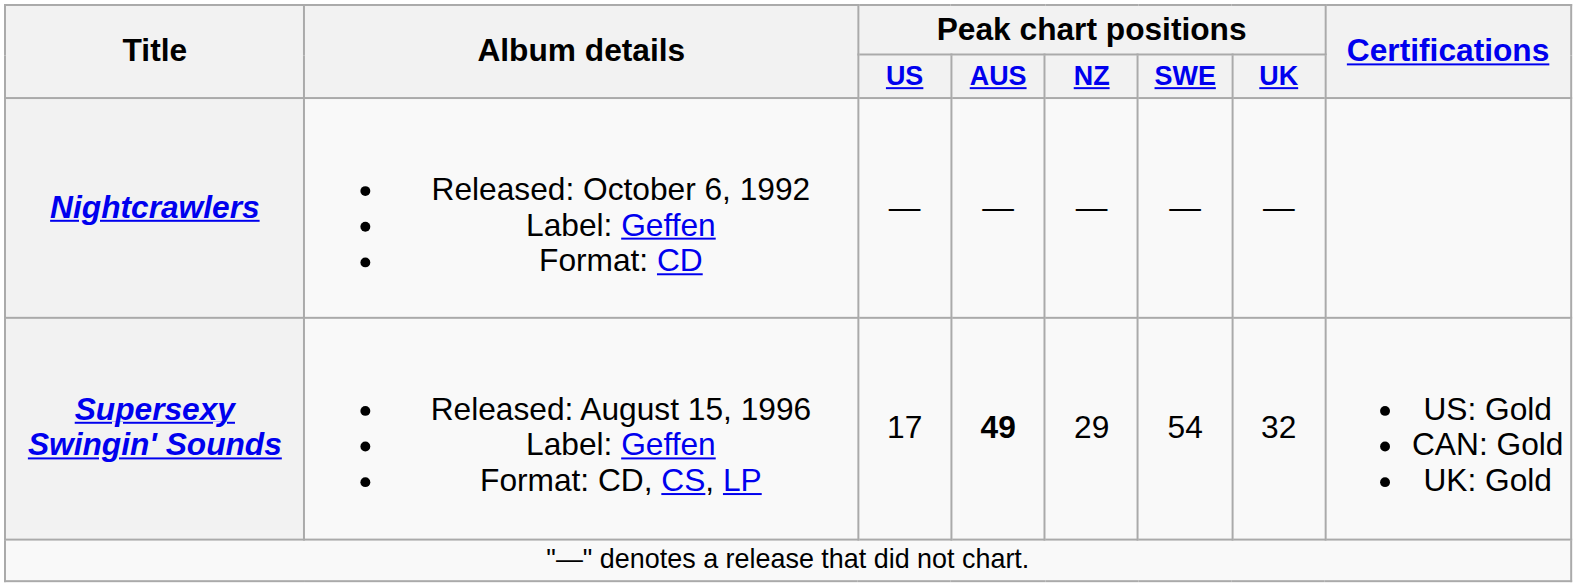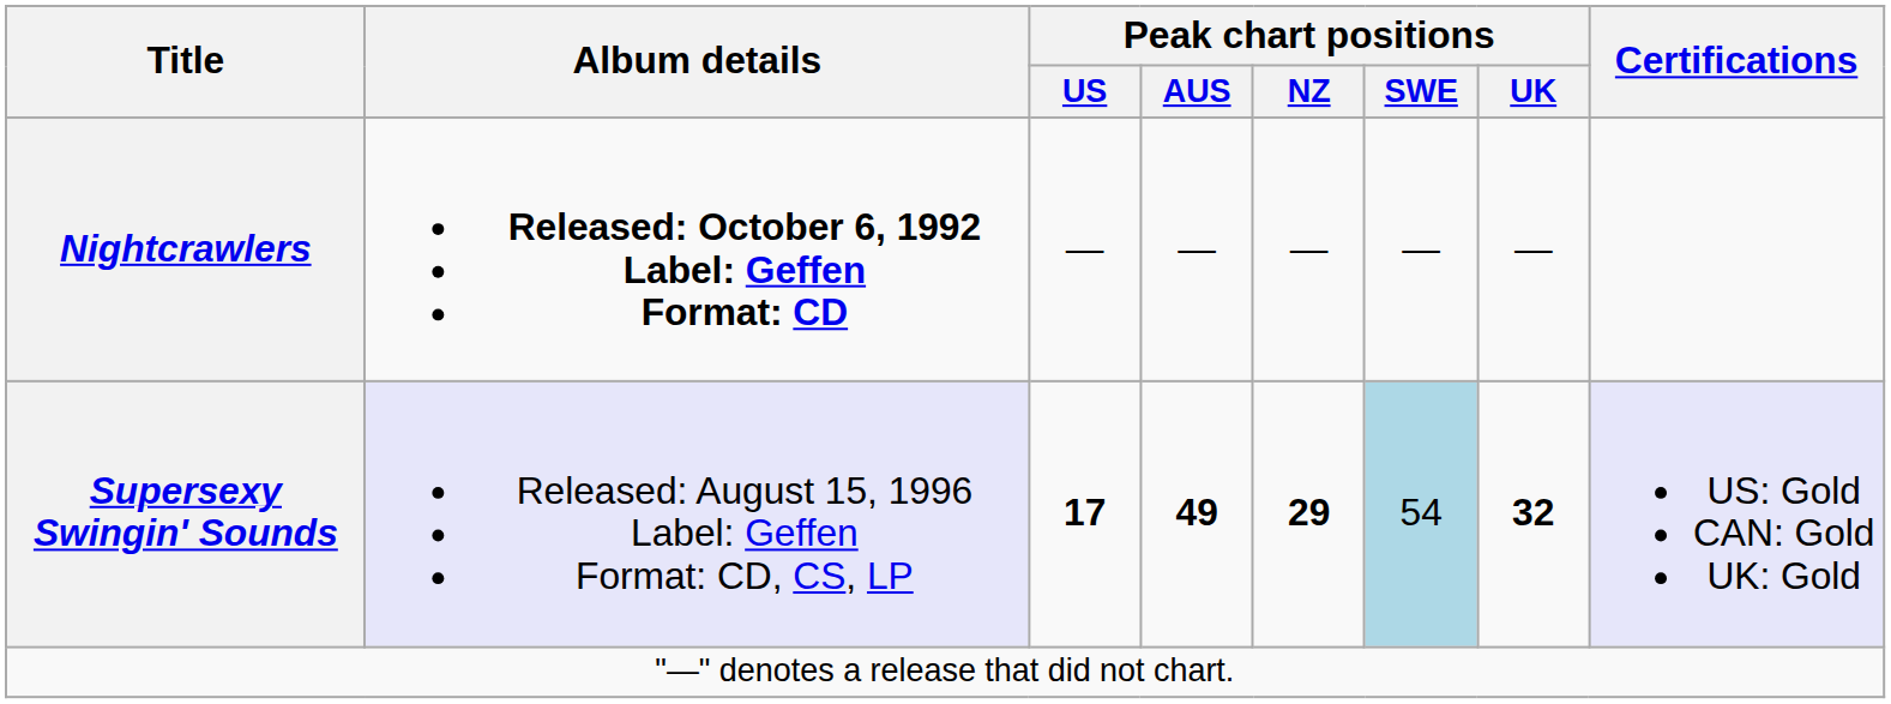 <table class="wikitable plainrowheaders" style="text-align:center;">
 <tr>
 <th scope="col" rowspan="2" style="width:9em;">Title</th>
 <th scope="col" rowspan="2" style="width:17em;">Album details</th>
 <th colspan="5">Peak chart positions</th>
 <th rowspan="2"><a href='#'>Certifications</a></th>
 </tr>
 <tr>
 <th style="width:3em;font-size:85%"><a href='#'>US</a><br></th>
 <th style="width:3em;font-size:85%"><a href='#'>AUS</a><br></th>
 <th style="width:3em;font-size:85%"><a href='#'>NZ</a><br></th>
 <th style="width:3em;font-size:85%"><a href='#'>SWE</a><br></th>
 <th style="width:3em;font-size:85%"><a href='#'>UK</a><br></th>
 </tr>
 <tr>
 <th scope="row"><em><a href='#'>Nightcrawlers</a></em></th>
-<td><br><ul><li>Released: October 6, 1992</li><li>Label: <a href='#'>Geffen</a></li><li>Format: <a href='#'>CD</a></li></ul></td>
+<td><strong><br><ul><li>Released: October 6, 1992</li><li>Label: <a href='#'>Geffen</a></li><li>Format: <a href='#'>CD</a></li></ul></strong></td>
 <td align="center">—</td>
 <td align="center">—</td>
 <td align="center">—</td>
 <td align="center">—</td>
 <td align="center">—</td>
 <td></td>
 </tr>
 <tr>
 <th scope="row"><em><a href='#'>Supersexy Swingin' Sounds</a></em></th>
-<td><br><ul><li>Released: August 15, 1996</li><li>Label: <a href='#'>Geffen</a></li><li>Format: CD, <a href='#'>CS</a>, <a href='#'>LP</a></li></ul></td>
-<td align="center">17</td>
+<td style="background: lavender;"><br><ul><li>Released: August 15, 1996</li><li>Label: <a href='#'>Geffen</a></li><li>Format: CD, <a href='#'>CS</a>, <a href='#'>LP</a></li></ul></td>
+<td align="center"><strong>17</strong></td>
 <td align="center"><strong>49</strong></td>
-<td align="center">29</td>
-<td align="center">54</td>
-<td align="center">32</td>
-<td><br><ul><li>US: Gold</li><li>CAN: Gold</li><li>UK: Gold</li></ul></td>
+<td align="center"><strong>29</strong></td>
+<td align="center" style="background: lightblue;">54</td>
+<td align="center"><strong>32</strong></td>
+<td style="background: lavender;"><br><ul><li>US: Gold</li><li>CAN: Gold</li><li>UK: Gold</li></ul></td>
 </tr>
 <tr>
 <td align="center" colspan="12" style="font-size: 85%">"—" denotes a release that did not chart.</td>
 </tr>
 </table>
